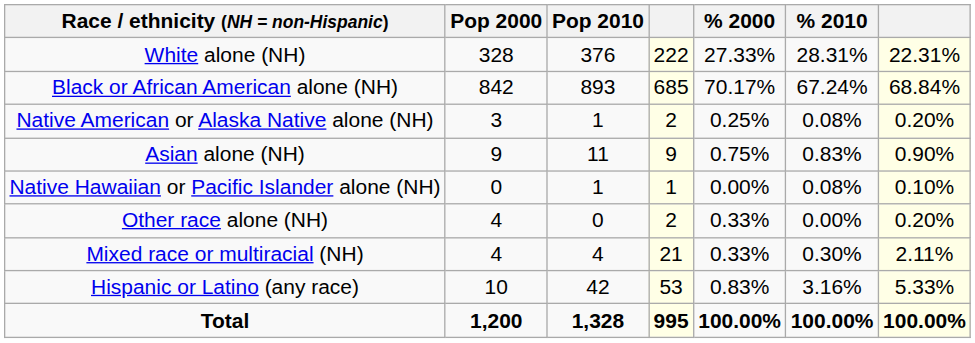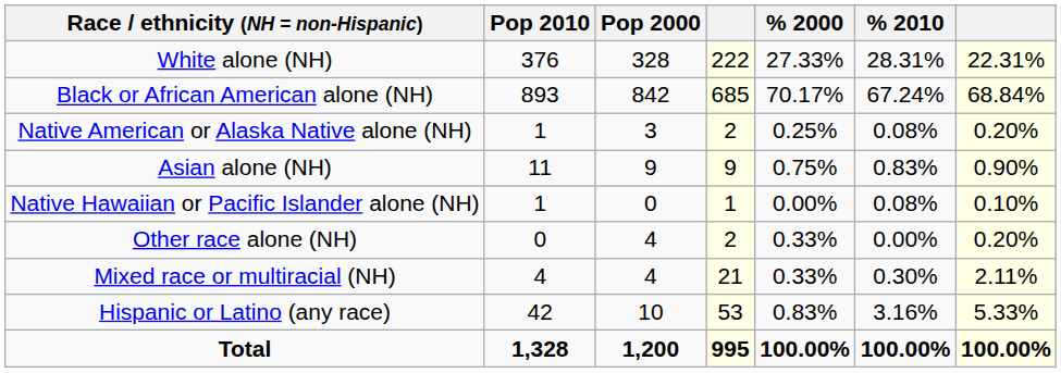 <table class="wikitable" style="text-align:center;">
 <tr>
 <th>Race / ethnicity <small>(<em>NH = non-Hispanic</em>)</small></th>
+<th>Pop 2010</th>
 <th>Pop 2000</th>
-<th>Pop 2010</th>
 <th></th>
 <th>% 2000</th>
 <th>% 2010</th>
 <th></th>
 </tr>
 <tr>
 <td><a href='#'>White</a> alone (NH)</td>
+<td>376</td>
 <td>328</td>
-<td>376</td>
 <td style='background: #ffffe6;'>222</td>
 <td>27.33%</td>
 <td>28.31%</td>
 <td style='background: #ffffe6;'>22.31%</td>
 </tr>
 <tr>
 <td><a href='#'>Black or African American</a> alone (NH)</td>
+<td>893</td>
 <td>842</td>
-<td>893</td>
 <td style='background: #ffffe6;'>685</td>
 <td>70.17%</td>
 <td>67.24%</td>
 <td style='background: #ffffe6;'>68.84%</td>
 </tr>
 <tr>
 <td><a href='#'>Native American</a> or <a href='#'>Alaska Native</a> alone (NH)</td>
+<td>1</td>
 <td>3</td>
-<td>1</td>
 <td style='background: #ffffe6;'>2</td>
 <td>0.25%</td>
 <td>0.08%</td>
 <td style='background: #ffffe6;'>0.20%</td>
 </tr>
 <tr>
 <td><a href='#'>Asian</a> alone (NH)</td>
+<td>11</td>
 <td>9</td>
-<td>11</td>
 <td style='background: #ffffe6;'>9</td>
 <td>0.75%</td>
 <td>0.83%</td>
 <td style='background: #ffffe6;'>0.90%</td>
 </tr>
 <tr>
 <td><a href='#'>Native Hawaiian</a> or <a href='#'>Pacific Islander</a> alone (NH)</td>
+<td>1</td>
 <td>0</td>
-<td>1</td>
 <td style='background: #ffffe6;'>1</td>
 <td>0.00%</td>
 <td>0.08%</td>
 <td style='background: #ffffe6;'>0.10%</td>
 </tr>
 <tr>
 <td><a href='#'>Other race</a> alone (NH)</td>
+<td>0</td>
 <td>4</td>
-<td>0</td>
 <td style='background: #ffffe6;'>2</td>
 <td>0.33%</td>
 <td>0.00%</td>
 <td style='background: #ffffe6;'>0.20%</td>
 </tr>
 <tr>
 <td><a href='#'>Mixed race or multiracial</a> (NH)</td>
 <td>4</td>
 <td>4</td>
 <td style='background: #ffffe6;'>21</td>
 <td>0.33%</td>
 <td>0.30%</td>
 <td style='background: #ffffe6;'>2.11%</td>
 </tr>
 <tr>
 <td><a href='#'>Hispanic or Latino</a> (any race)</td>
+<td>42</td>
 <td>10</td>
-<td>42</td>
 <td style='background: #ffffe6;'>53</td>
 <td>0.83%</td>
 <td>3.16%</td>
 <td style='background: #ffffe6;'>5.33%</td>
 </tr>
 <tr>
 <td><strong>Total</strong></td>
+<td><strong>1,328</strong></td>
 <td><strong>1,200</strong></td>
-<td><strong>1,328</strong></td>
 <td style='background: #ffffe6;'><strong>995</strong></td>
 <td><strong>100.00%</strong></td>
 <td><strong>100.00%</strong></td>
 <td style='background: #ffffe6;'><strong>100.00%</strong></td>
 </tr>
 </table>
